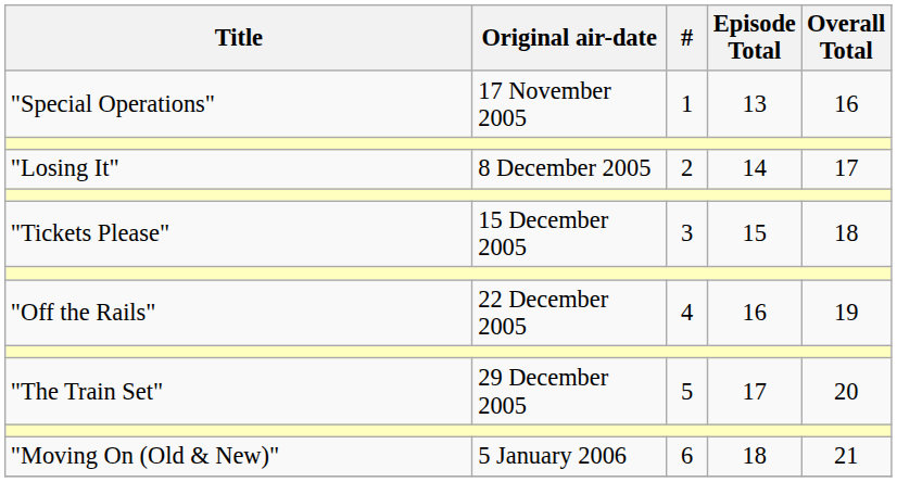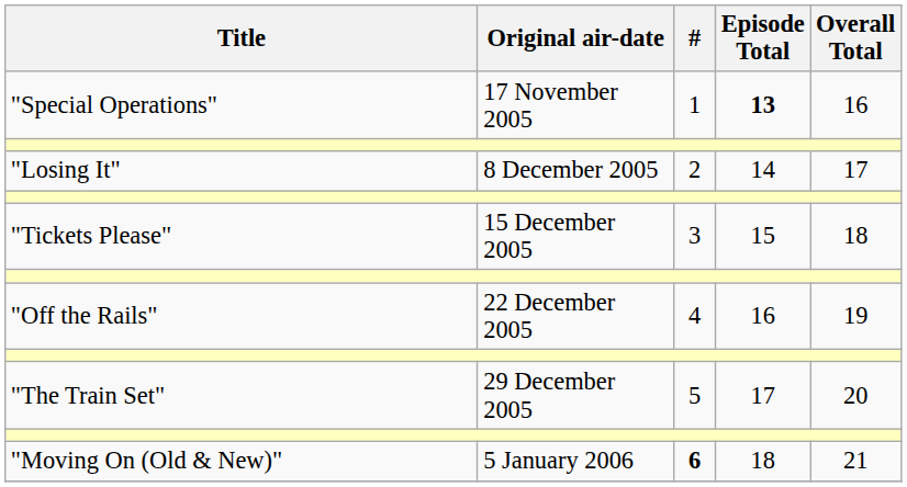 <table class="wikitable">
 <tr>
 <th width="300">Title</th>
 <th width="120">Original air-date</th>
 <th width="20">#</th>
 <th width="5">Episode Total</th>
 <th width="8">Overall Total</th>
 </tr>
 <tr>
 <td>"Special Operations"</td>
 <td>17 November 2005</td>
 <td align="center">1</td>
-<td align="center">13</td>
+<td align="center"><strong>13</strong></td>
 <td align="center">16</td>
 </tr>
 <tr>
 <td colspan="7" bgcolor="#FFFFBF" height="1"></td>
 </tr>
 <tr>
 <td>"Losing It"</td>
 <td>8 December 2005</td>
 <td align="center">2</td>
 <td align="center">14</td>
 <td align="center">17</td>
 </tr>
 <tr>
 <td colspan="7" bgcolor="#FFFFBF" height="1"></td>
 </tr>
 <tr>
 <td>"Tickets Please"</td>
 <td>15 December 2005</td>
 <td align="center">3</td>
 <td align="center">15</td>
 <td align="center">18</td>
 </tr>
 <tr>
 <td colspan="7" bgcolor="#FFFFBF" height="1"></td>
 </tr>
 <tr>
 <td>"Off the Rails"</td>
 <td>22 December 2005</td>
 <td align="center">4</td>
 <td align="center">16</td>
 <td align="center">19</td>
 </tr>
 <tr>
 <td colspan="7" bgcolor="#FFFFBF" height="1"></td>
 </tr>
 <tr>
 <td>"The Train Set"</td>
 <td>29 December 2005</td>
 <td align="center">5</td>
 <td align="center">17</td>
 <td align="center">20</td>
 </tr>
 <tr>
 <td colspan="7" bgcolor="#FFFFBF" height="1"></td>
 </tr>
 <tr>
 <td>"Moving On (Old & New)"</td>
 <td>5 January 2006</td>
-<td align="center">6</td>
+<td align="center"><strong>6</strong></td>
 <td align="center">18</td>
 <td align="center">21</td>
 </tr>
 <tr>
 </tr>
 </table>
